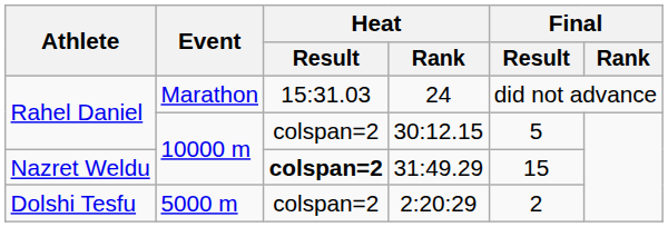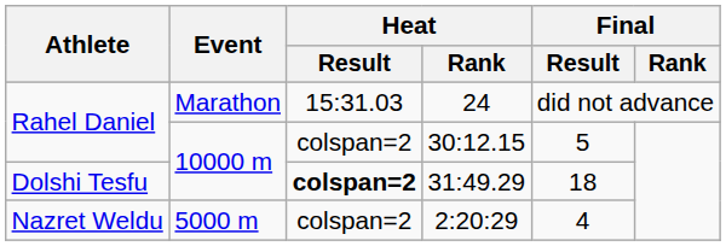 <table class=wikitable style=font-size:90%>
 <tr>
 <th rowspan=2>Athlete</th>
 <th rowspan=2>Event</th>
 <th colspan=2>Heat</th>
 <th colspan=2>Final</th>
 </tr>
 <tr style=font-size:95%>
 <th>Result</th>
 <th>Rank</th>
 <th>Result</th>
 <th>Rank</th>
 </tr>
 <tr align=center>
 <td align=left rowspan=2><a href='#'>Rahel Daniel</a></td>
 <td align=left><a href='#'>Marathon</a></td>
 <td>15:31.03</td>
 <td>24</td>
 <td colspan=2>did not advance</td>
 </tr>
 <tr align=center>
 <td align=left rowspan=2><a href='#'>10000 m</a></td>
 <td>colspan=2</td>
 <td>30:12.15 </td>
 <td>5</td>
 </tr>
 <tr align=center>
-<td align=left><a href='#'>Nazret Weldu</a></td>
+<td align=left><a href='#'>Dolshi Tesfu</a></td>
 <td><strong>colspan=2</strong></td>
 <td>31:49.29 </td>
-<td>15</td>
+<td>18</td>
 </tr>
 <tr align=center>
-<td align=left><a href='#'>Dolshi Tesfu</a></td>
+<td align=left><a href='#'>Nazret Weldu</a></td>
 <td align=left><a href='#'>5000 m</a></td>
 <td>colspan=2</td>
 <td>2:20:29 </td>
-<td>2</td>
+<td>4</td>
 </tr>
 </table>
